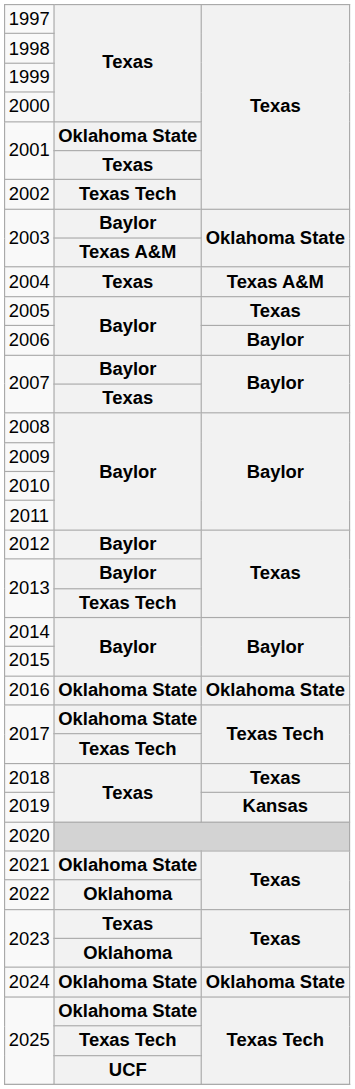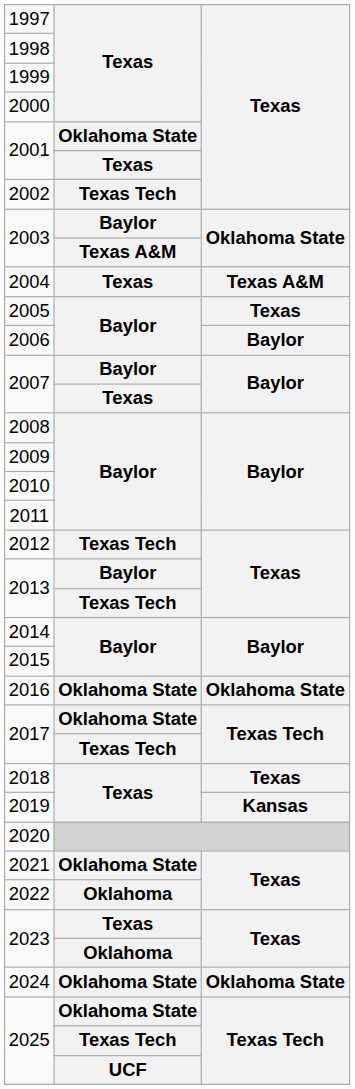 <table class="wikitable" style="text-align: center;">
 <tr>
 <td>1997</td>
 <th rowspan="4">Texas</th>
 <th rowspan="7">Texas</th>
 </tr>
 <tr>
 <td>1998</td>
 </tr>
 <tr>
 <td>1999</td>
 </tr>
 <tr>
 <td>2000</td>
 </tr>
 <tr>
 <td rowspan="2">2001</td>
 <th>Oklahoma State</th>
 </tr>
 <tr>
 <th>Texas</th>
 </tr>
 <tr>
 <td>2002</td>
 <th>Texas Tech</th>
 </tr>
 <tr>
 <td rowspan="2">2003</td>
 <th>Baylor</th>
 <th rowspan="2">Oklahoma State</th>
 </tr>
 <tr>
 <th>Texas A&M</th>
 </tr>
 <tr>
 <td>2004</td>
 <th>Texas</th>
 <th>Texas A&M</th>
 </tr>
 <tr>
 <td>2005</td>
 <th rowspan="2">Baylor</th>
 <th>Texas</th>
 </tr>
 <tr>
 <td>2006</td>
 <th>Baylor</th>
 </tr>
 <tr>
 <td rowspan="2">2007</td>
 <th>Baylor</th>
 <th rowspan="2">Baylor</th>
 </tr>
 <tr>
 <th>Texas</th>
 </tr>
 <tr>
 <td>2008</td>
 <th rowspan="4">Baylor</th>
 <th rowspan="4">Baylor</th>
 </tr>
 <tr>
 <td>2009</td>
 </tr>
 <tr>
 <td>2010</td>
 </tr>
 <tr>
 <td>2011</td>
 </tr>
 <tr>
 <td>2012</td>
-<th>Baylor</th>
+<th>Texas Tech</th>
 <th rowspan="3">Texas</th>
 </tr>
 <tr>
 <td rowspan="2">2013</td>
 <th>Baylor</th>
 </tr>
 <tr>
 <th>Texas Tech</th>
 </tr>
 <tr>
 <td>2014</td>
 <th rowspan="2">Baylor</th>
 <th rowspan="2">Baylor</th>
 </tr>
 <tr>
 <td>2015</td>
 </tr>
 <tr>
 <td>2016</td>
 <th>Oklahoma State</th>
 <th>Oklahoma State</th>
 </tr>
 <tr>
 <td rowspan="2">2017</td>
 <th>Oklahoma State</th>
 <th rowspan="2">Texas Tech</th>
 </tr>
 <tr>
 <th>Texas Tech</th>
 </tr>
 <tr>
 <td>2018</td>
 <th rowspan="2">Texas</th>
 <th>Texas</th>
 </tr>
 <tr>
 <td>2019</td>
 <th>Kansas</th>
 </tr>
 <tr>
 <td>2020</td>
 <td colspan="2" bgcolor="#d3d3d3"></td>
 </tr>
 <tr>
 <td>2021</td>
 <th>Oklahoma State</th>
 <th rowspan="2">Texas</th>
 </tr>
 <tr>
 <td>2022</td>
 <th>Oklahoma</th>
 </tr>
 <tr>
 <td rowspan="2">2023</td>
 <th>Texas</th>
 <th rowspan="2">Texas</th>
 </tr>
 <tr>
 <th>Oklahoma</th>
 </tr>
 <tr>
 <td>2024</td>
 <th>Oklahoma State</th>
 <th>Oklahoma State</th>
 </tr>
 <tr>
 <td rowspan="3">2025</td>
 <th>Oklahoma State</th>
 <th rowspan="3">Texas Tech</th>
 </tr>
 <tr>
 <th>Texas Tech</th>
 </tr>
 <tr>
 <th>UCF</th>
 </tr>
 <tr>
 </tr>
 </table>
